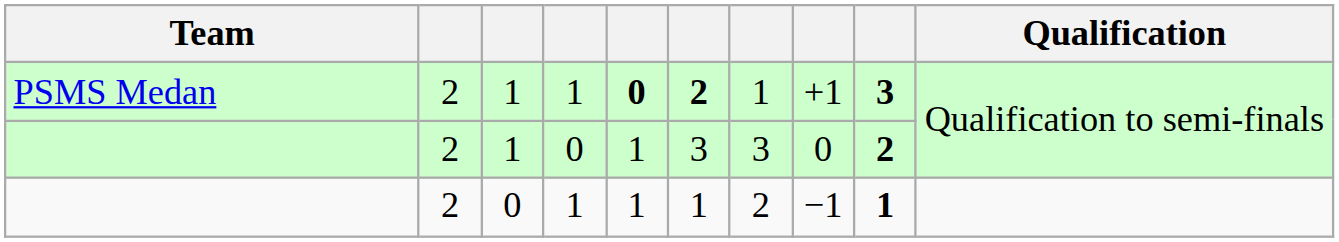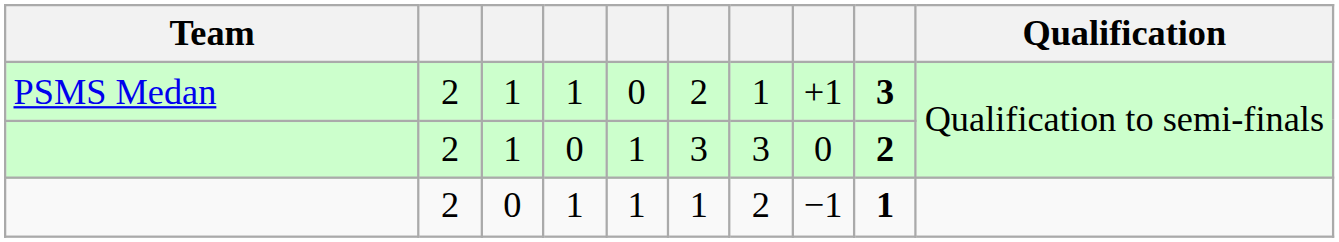 <table class="wikitable" style="text-align:center;">
 <tr>
 <th width=175>Team</th>
 <th width=20></th>
 <th width=20></th>
 <th width=20></th>
 <th width=20></th>
 <th width=20></th>
 <th width=20></th>
 <th width=20></th>
 <th width=20></th>
 <th>Qualification</th>
 </tr>
 <tr bgcolor="#ccffcc">
 <td align="left"> <a href='#'>PSMS Medan</a></td>
 <td>2</td>
 <td>1</td>
 <td>1</td>
-<td><strong>0</strong></td>
-<td><strong>2</strong></td>
+<td>0</td>
+<td>2</td>
 <td>1</td>
 <td>+1</td>
 <td><strong>3</strong></td>
 <td rowspan="2">Qualification to semi-finals</td>
 </tr>
 <tr bgcolor="#ccffcc">
 <td align="left"></td>
 <td>2</td>
 <td>1</td>
 <td>0</td>
 <td>1</td>
 <td>3</td>
 <td>3</td>
 <td>0</td>
 <td><strong>2</strong></td>
 </tr>
 <tr>
 <td align="left"></td>
 <td>2</td>
 <td>0</td>
 <td>1</td>
 <td>1</td>
 <td>1</td>
 <td>2</td>
 <td>−1</td>
 <td><strong>1</strong></td>
 <td></td>
 </tr>
 </table>
